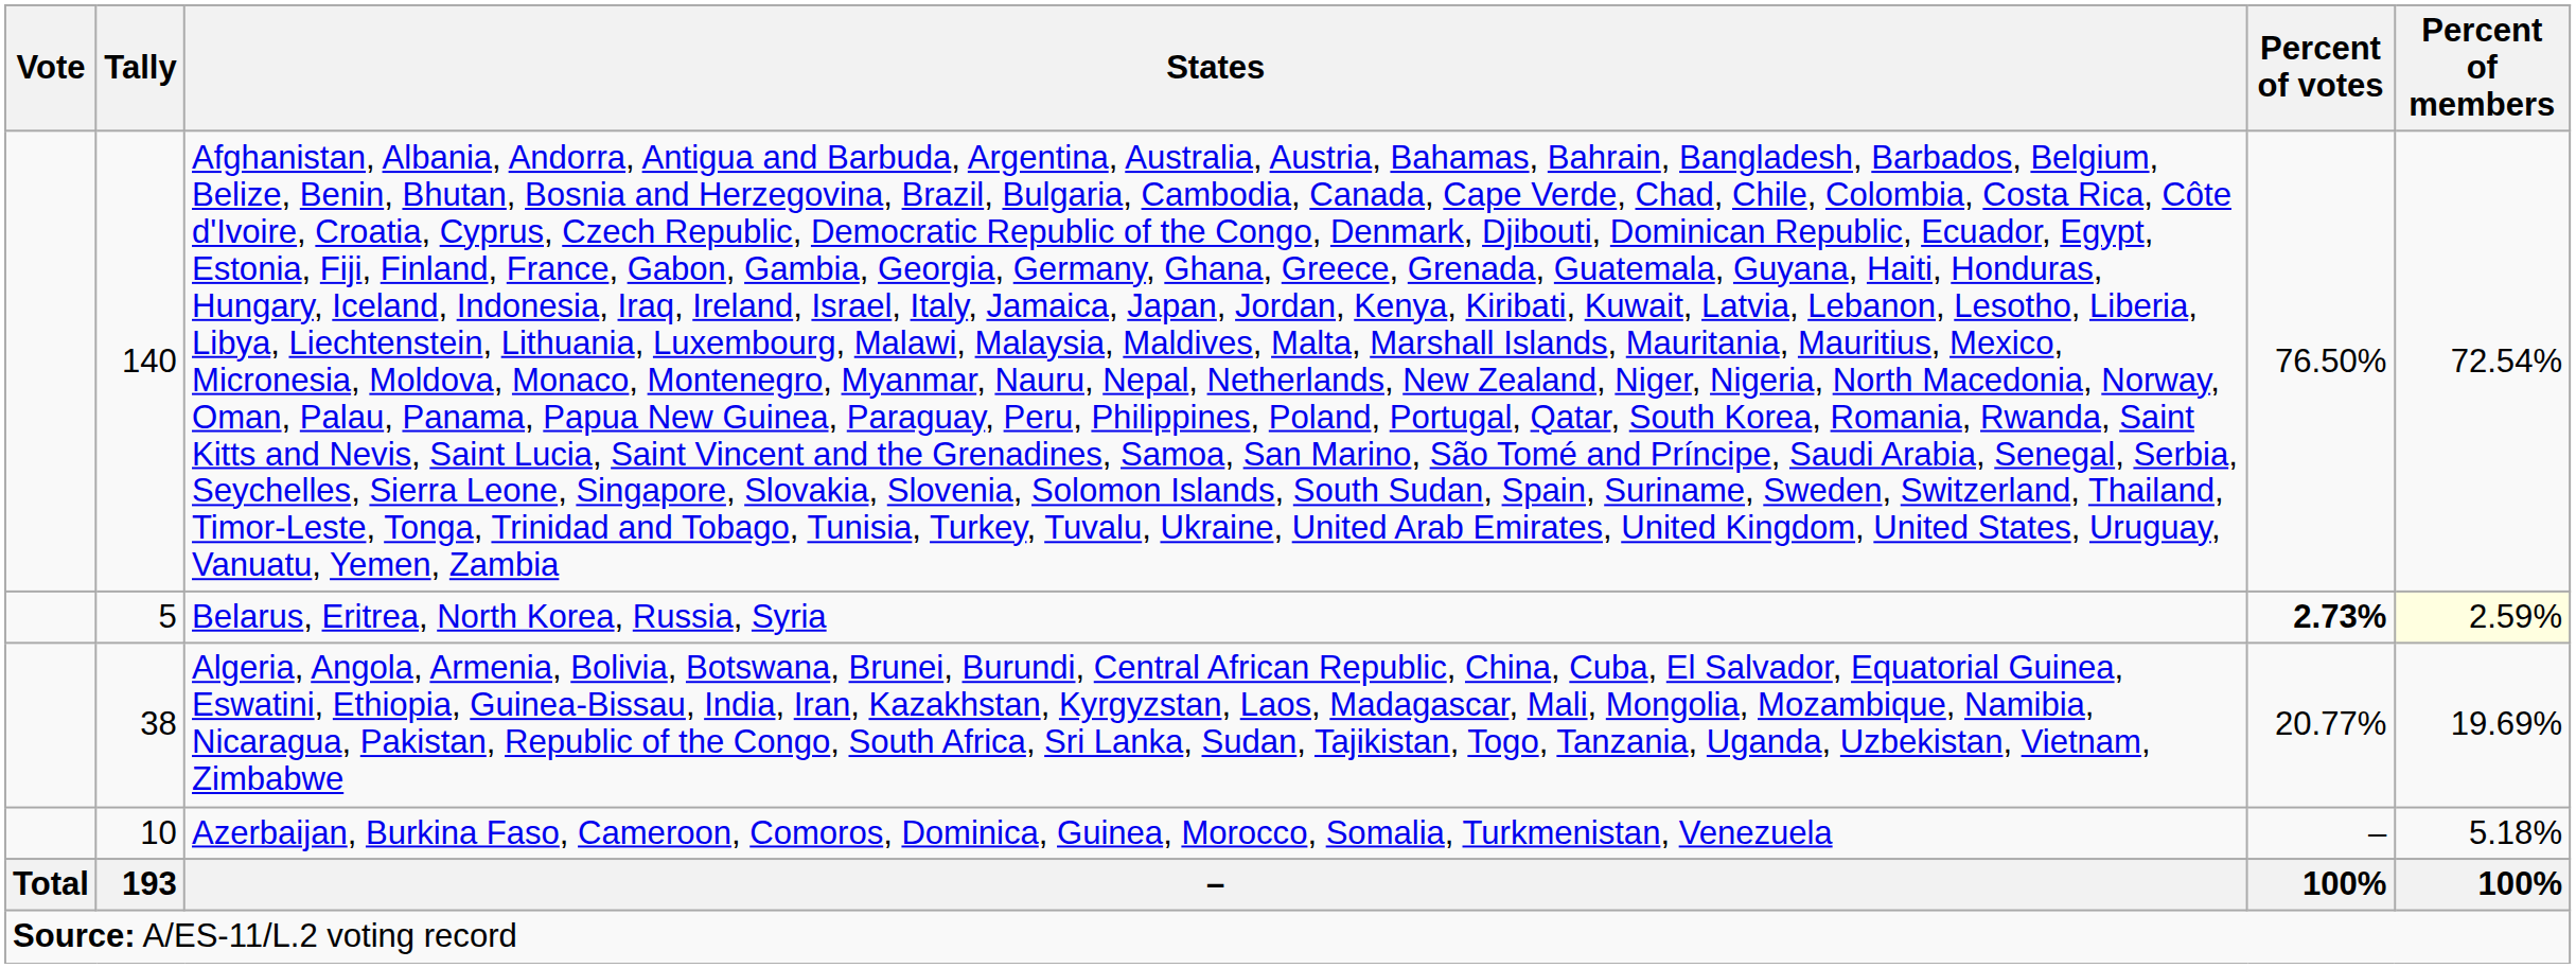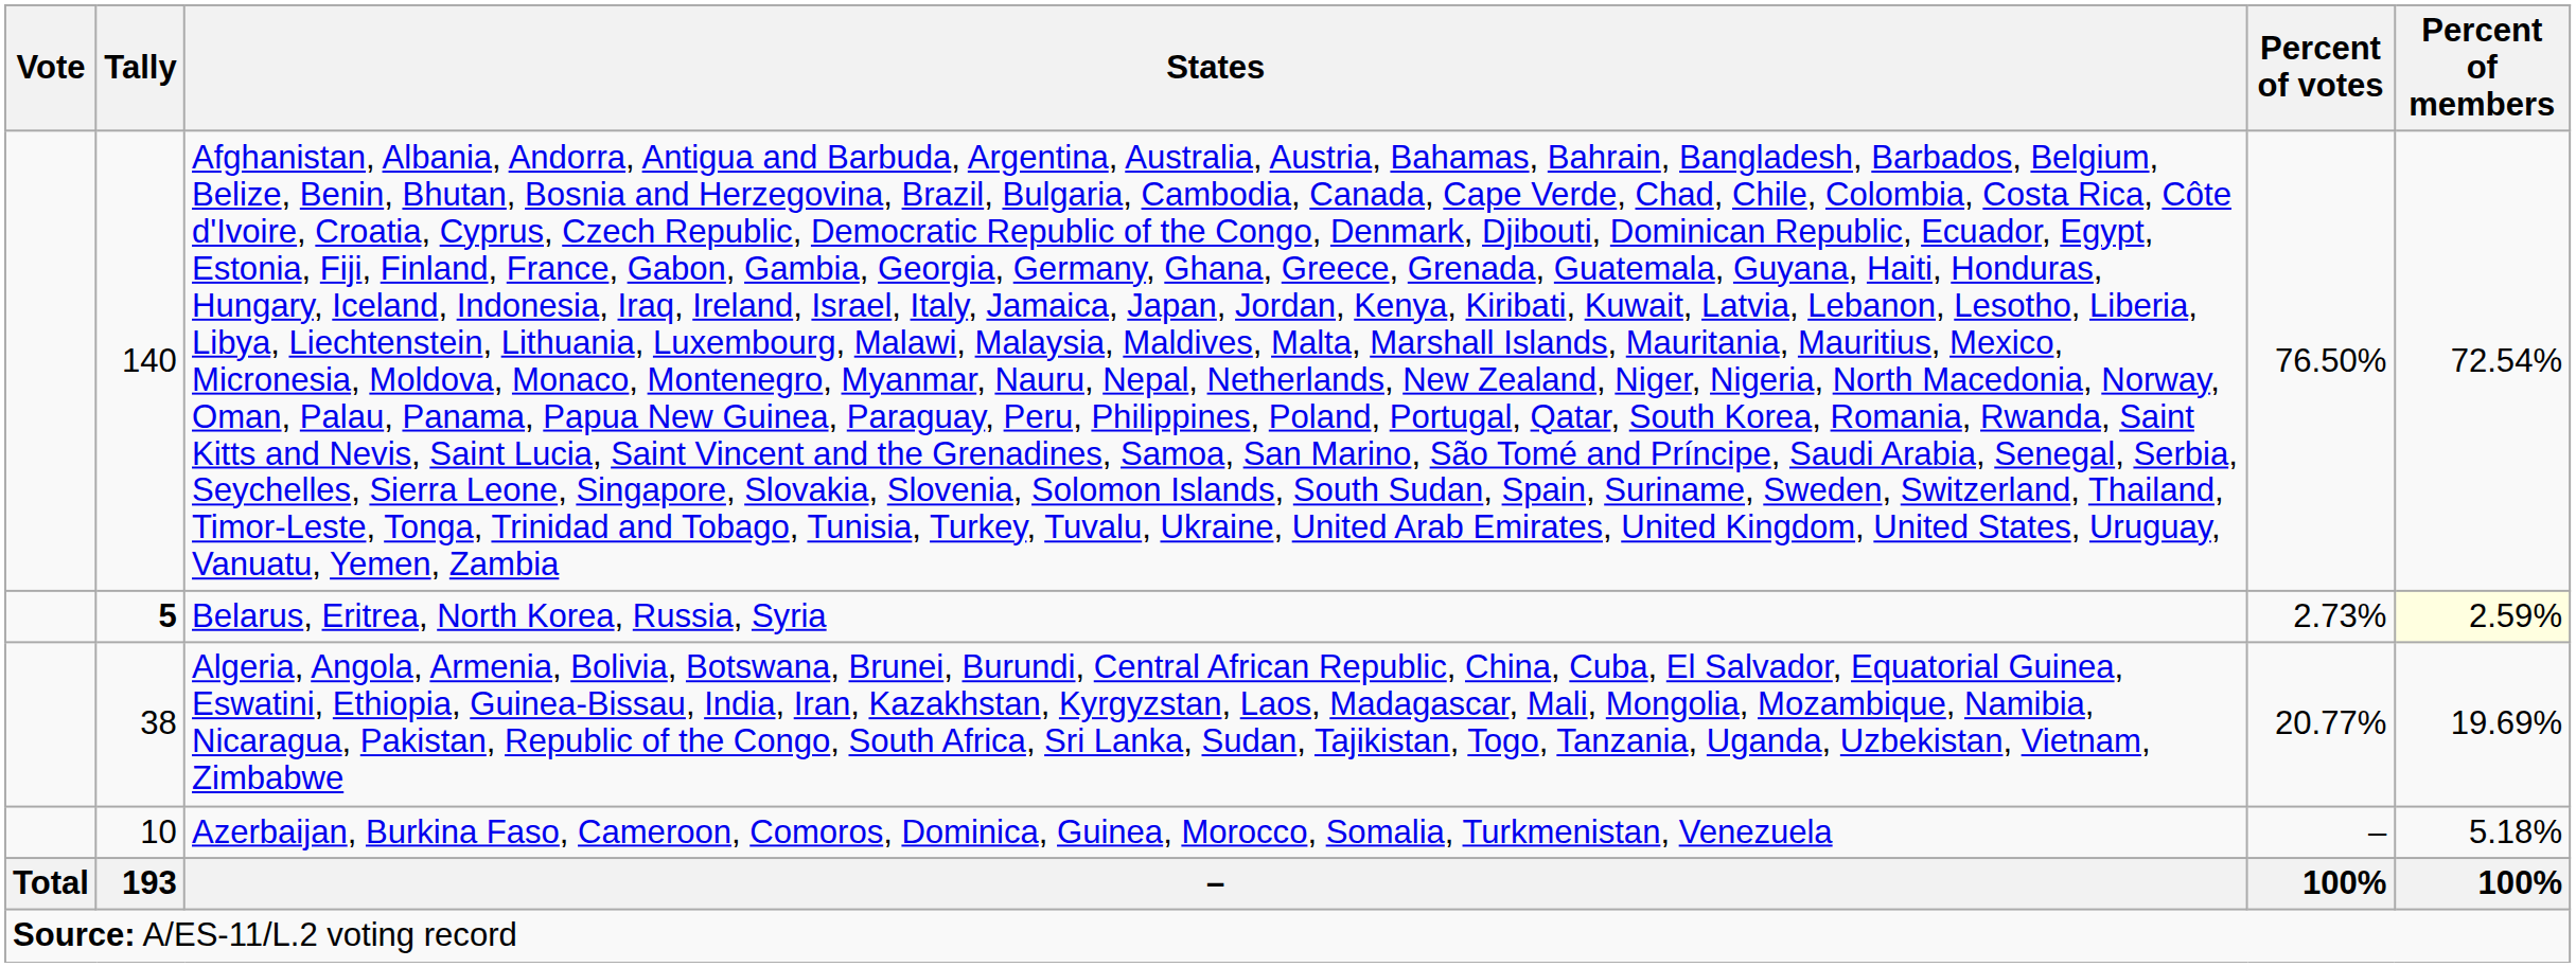 <table class="wikitable">
 <tr>
 <th scope="col">Vote</th>
 <th scope="col">Tally</th>
 <th scope="col">States</th>
 <th scope="col">Percent of votes</th>
 <th scope="col">Percent of members</th>
 </tr>
 <tr>
 <td></td>
 <td style="text-align: right">140</td>
 <td><a href='#'>Afghanistan</a>, <a href='#'>Albania</a>, <a href='#'>Andorra</a>, <a href='#'>Antigua and Barbuda</a>, <a href='#'>Argentina</a>, <a href='#'>Australia</a>, <a href='#'>Austria</a>, <a href='#'>Bahamas</a>, <a href='#'>Bahrain</a>, <a href='#'>Bangladesh</a>, <a href='#'>Barbados</a>, <a href='#'>Belgium</a>, <a href='#'>Belize</a>, <a href='#'>Benin</a>, <a href='#'>Bhutan</a>, <a href='#'>Bosnia and Herzegovina</a>, <a href='#'>Brazil</a>, <a href='#'>Bulgaria</a>, <a href='#'>Cambodia</a>, <a href='#'>Canada</a>, <a href='#'>Cape Verde</a>, <a href='#'>Chad</a>, <a href='#'>Chile</a>, <a href='#'>Colombia</a>, <a href='#'>Costa Rica</a>, <a href='#'>Côte d'Ivoire</a>, <a href='#'>Croatia</a>, <a href='#'>Cyprus</a>, <a href='#'>Czech Republic</a>, <a href='#'>Democratic Republic of the Congo</a>, <a href='#'>Denmark</a>, <a href='#'>Djibouti</a>, <a href='#'>Dominican Republic</a>, <a href='#'>Ecuador</a>, <a href='#'>Egypt</a>, <a href='#'>Estonia</a>, <a href='#'>Fiji</a>, <a href='#'>Finland</a>, <a href='#'>France</a>, <a href='#'>Gabon</a>, <a href='#'>Gambia</a>, <a href='#'>Georgia</a>, <a href='#'>Germany</a>, <a href='#'>Ghana</a>, <a href='#'>Greece</a>, <a href='#'>Grenada</a>, <a href='#'>Guatemala</a>, <a href='#'>Guyana</a>, <a href='#'>Haiti</a>, <a href='#'>Honduras</a>, <a href='#'>Hungary</a>, <a href='#'>Iceland</a>, <a href='#'>Indonesia</a>, <a href='#'>Iraq</a>, <a href='#'>Ireland</a>, <a href='#'>Israel</a>, <a href='#'>Italy</a>, <a href='#'>Jamaica</a>, <a href='#'>Japan</a>, <a href='#'>Jordan</a>, <a href='#'>Kenya</a>, <a href='#'>Kiribati</a>, <a href='#'>Kuwait</a>, <a href='#'>Latvia</a>, <a href='#'>Lebanon</a>, <a href='#'>Lesotho</a>, <a href='#'>Liberia</a>, <a href='#'>Libya</a>, <a href='#'>Liechtenstein</a>, <a href='#'>Lithuania</a>, <a href='#'>Luxembourg</a>, <a href='#'>Malawi</a>, <a href='#'>Malaysia</a>, <a href='#'>Maldives</a>, <a href='#'>Malta</a>, <a href='#'>Marshall Islands</a>, <a href='#'>Mauritania</a>, <a href='#'>Mauritius</a>, <a href='#'>Mexico</a>, <a href='#'>Micronesia</a>, <a href='#'>Moldova</a>, <a href='#'>Monaco</a>, <a href='#'>Montenegro</a>, <a href='#'>Myanmar</a>, <a href='#'>Nauru</a>, <a href='#'>Nepal</a>, <a href='#'>Netherlands</a>, <a href='#'>New Zealand</a>, <a href='#'>Niger</a>, <a href='#'>Nigeria</a>, <a href='#'>North Macedonia</a>, <a href='#'>Norway</a>, <a href='#'>Oman</a>, <a href='#'>Palau</a>, <a href='#'>Panama</a>, <a href='#'>Papua New Guinea</a>, <a href='#'>Paraguay</a>, <a href='#'>Peru</a>, <a href='#'>Philippines</a>, <a href='#'>Poland</a>, <a href='#'>Portugal</a>, <a href='#'>Qatar</a>, <a href='#'>South Korea</a>, <a href='#'>Romania</a>, <a href='#'>Rwanda</a>, <a href='#'>Saint Kitts and Nevis</a>, <a href='#'>Saint Lucia</a>, <a href='#'>Saint Vincent and the Grenadines</a>, <a href='#'>Samoa</a>, <a href='#'>San Marino</a>, <a href='#'>São Tomé and Príncipe</a>, <a href='#'>Saudi Arabia</a>, <a href='#'>Senegal</a>, <a href='#'>Serbia</a>, <a href='#'>Seychelles</a>, <a href='#'>Sierra Leone</a>, <a href='#'>Singapore</a>, <a href='#'>Slovakia</a>, <a href='#'>Slovenia</a>, <a href='#'>Solomon Islands</a>, <a href='#'>South Sudan</a>, <a href='#'>Spain</a>, <a href='#'>Suriname</a>, <a href='#'>Sweden</a>, <a href='#'>Switzerland</a>, <a href='#'>Thailand</a>, <a href='#'>Timor-Leste</a>, <a href='#'>Tonga</a>, <a href='#'>Trinidad and Tobago</a>, <a href='#'>Tunisia</a>, <a href='#'>Turkey</a>, <a href='#'>Tuvalu</a>, <a href='#'>Ukraine</a>, <a href='#'>United Arab Emirates</a>, <a href='#'>United Kingdom</a>, <a href='#'>United States</a>, <a href='#'>Uruguay</a>, <a href='#'>Vanuatu</a>, <a href='#'>Yemen</a>, <a href='#'>Zambia</a></td>
 <td style="text-align: right">76.50%</td>
 <td style="text-align: right">72.54%</td>
 </tr>
 <tr>
 <td></td>
-<td style="text-align: right">5</td>
+<td style="text-align: right"><strong>5</strong></td>
 <td><a href='#'>Belarus</a>, <a href='#'>Eritrea</a>, <a href='#'>North Korea</a>, <a href='#'>Russia</a>, <a href='#'>Syria</a></td>
-<td style="text-align: right"><strong>2.73%</strong></td>
+<td style="text-align: right">2.73%</td>
 <td style="background: lightyellow; text-align: right">2.59%</td>
 </tr>
 <tr>
 <td></td>
 <td style="text-align: right">38</td>
 <td><a href='#'>Algeria</a>, <a href='#'>Angola</a>, <a href='#'>Armenia</a>, <a href='#'>Bolivia</a>, <a href='#'>Botswana</a>, <a href='#'>Brunei</a>, <a href='#'>Burundi</a>, <a href='#'>Central African Republic</a>, <a href='#'>China</a>, <a href='#'>Cuba</a>, <a href='#'>El Salvador</a>, <a href='#'>Equatorial Guinea</a>, <a href='#'>Eswatini</a>, <a href='#'>Ethiopia</a>, <a href='#'>Guinea-Bissau</a>, <a href='#'>India</a>, <a href='#'>Iran</a>, <a href='#'>Kazakhstan</a>, <a href='#'>Kyrgyzstan</a>, <a href='#'>Laos</a>, <a href='#'>Madagascar</a>, <a href='#'>Mali</a>, <a href='#'>Mongolia</a>, <a href='#'>Mozambique</a>, <a href='#'>Namibia</a>, <a href='#'>Nicaragua</a>, <a href='#'>Pakistan</a>, <a href='#'>Republic of the Congo</a>, <a href='#'>South Africa</a>, <a href='#'>Sri Lanka</a>, <a href='#'>Sudan</a>, <a href='#'>Tajikistan</a>, <a href='#'>Togo</a>, <a href='#'>Tanzania</a>, <a href='#'>Uganda</a>, <a href='#'>Uzbekistan</a>, <a href='#'>Vietnam</a>, <a href='#'>Zimbabwe</a></td>
 <td style="text-align: right">20.77%</td>
 <td style="text-align: right">19.69%</td>
 </tr>
 <tr>
 <td></td>
 <td style="text-align: right">10</td>
 <td><a href='#'>Azerbaijan</a>, <a href='#'>Burkina Faso</a>, <a href='#'>Cameroon</a>, <a href='#'>Comoros</a>, <a href='#'>Dominica</a>, <a href='#'>Guinea</a>,  <a href='#'>Morocco</a>, <a href='#'>Somalia</a>, <a href='#'>Turkmenistan</a>, <a href='#'>Venezuela</a></td>
 <td style="text-align: right">–</td>
 <td style="text-align: right">5.18%</td>
 </tr>
 <tr>
 <th style="text-align: left">Total</th>
 <th style="text-align: right">193</th>
 <th>–</th>
 <th style="text-align: right">100%</th>
 <th style="text-align: right">100%</th>
 </tr>
 <tr>
 <td colspan="5"><strong>Source:</strong> A/ES-11/L.2 voting record<br></td>
 </tr>
 </table>
